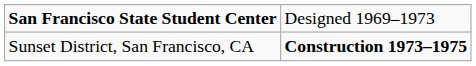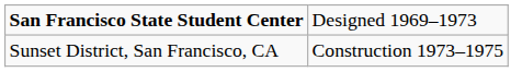 <table class="wikitable" style="text-align:left">
 <tr>
 <td><strong>San Francisco State Student Center</strong></td>
 <td>Designed 1969–1973</td>
 </tr>
 <tr>
 <td>Sunset District, San Francisco, CA</td>
-<td><strong>Construction 1973–1975</strong></td>
+<td>Construction 1973–1975</td>
 </tr>
 </table>
